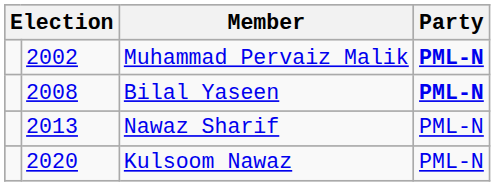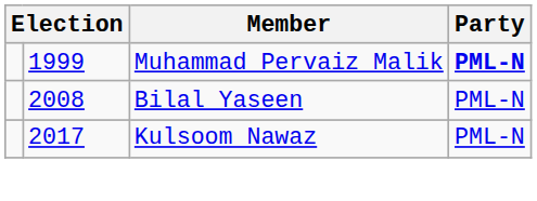 <table class="wikitable">
 <tr>
 <th colspan="2">Election</th>
 <th>Member</th>
 <th>Party</th>
 </tr>
 <tr>
 <td style="background-color: "></td>
-<td><a href='#'>2002</a></td>
+<td><a href='#'>1999</a></td>
 <td><a href='#'>Muhammad Pervaiz Malik</a></td>
 <td><strong><a href='#'>PML-N</a></strong></td>
 </tr>
 <tr>
 <td style="background-color: "></td>
 <td><a href='#'>2008</a></td>
 <td><a href='#'>Bilal Yaseen</a></td>
-<td><strong><a href='#'>PML-N</a></strong></td>
-</tr>
-<tr>
-<td style="background-color: "></td>
-<td><a href='#'>2013</a></td>
-<td><a href='#'>Nawaz Sharif</a></td>
 <td><a href='#'>PML-N</a></td>
 </tr>
 <tr>
 <td style="background-color: "></td>
-<td><a href='#'>2020</a></td>
+<td><a href='#'>2017</a></td>
 <td><a href='#'>Kulsoom Nawaz</a></td>
 <td><a href='#'>PML-N</a></td>
 </tr>
 </table>
